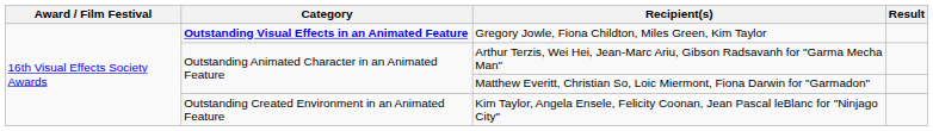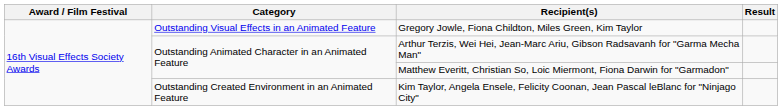 <table class="wikitable sortable">
 <tr>
 <th width:15%;>Award / Film Festival</th>
 <th width:25%;>Category</th>
 <th width:40%;>Recipient(s)</th>
 <th width:25%;>Result</th>
 </tr>
 <tr>
 <td rowspan="4"><a href='#'>16th Visual Effects Society Awards</a></td>
-<td><strong><a href='#'>Outstanding Visual Effects in an Animated Feature</a></strong></td>
+<td><a href='#'>Outstanding Visual Effects in an Animated Feature</a></td>
 <td>Gregory Jowle, Fiona Childton, Miles Green, Kim Taylor</td>
 <td></td>
 </tr>
 <tr>
 <td rowspan="2">Outstanding Animated Character in an Animated Feature</td>
 <td>Arthur Terzis, Wei Hei, Jean-Marc Ariu, Gibson Radsavanh for "Garma Mecha Man"</td>
 <td></td>
 </tr>
 <tr>
 <td>Matthew Everitt, Christian So, Loic Miermont, Fiona Darwin for "Garmadon"</td>
 <td></td>
 </tr>
 <tr>
 <td>Outstanding Created Environment in an Animated Feature</td>
 <td>Kim Taylor, Angela Ensele, Felicity Coonan, Jean Pascal leBlanc for "Ninjago City"</td>
 <td></td>
 </tr>
 </table>
